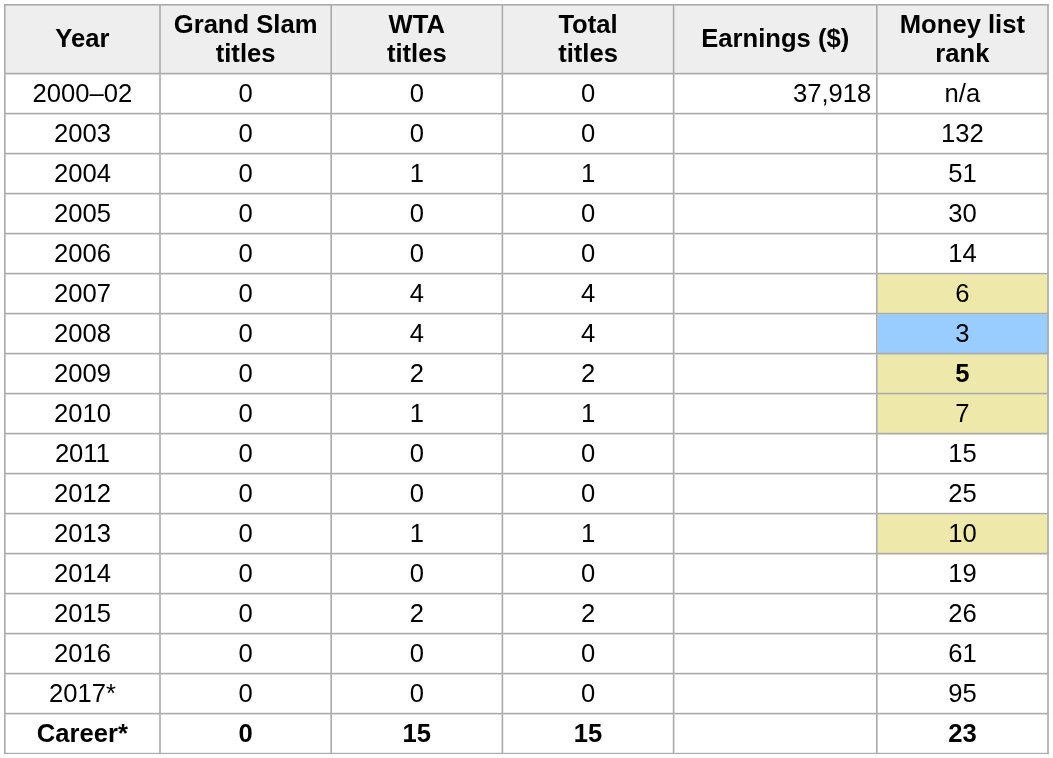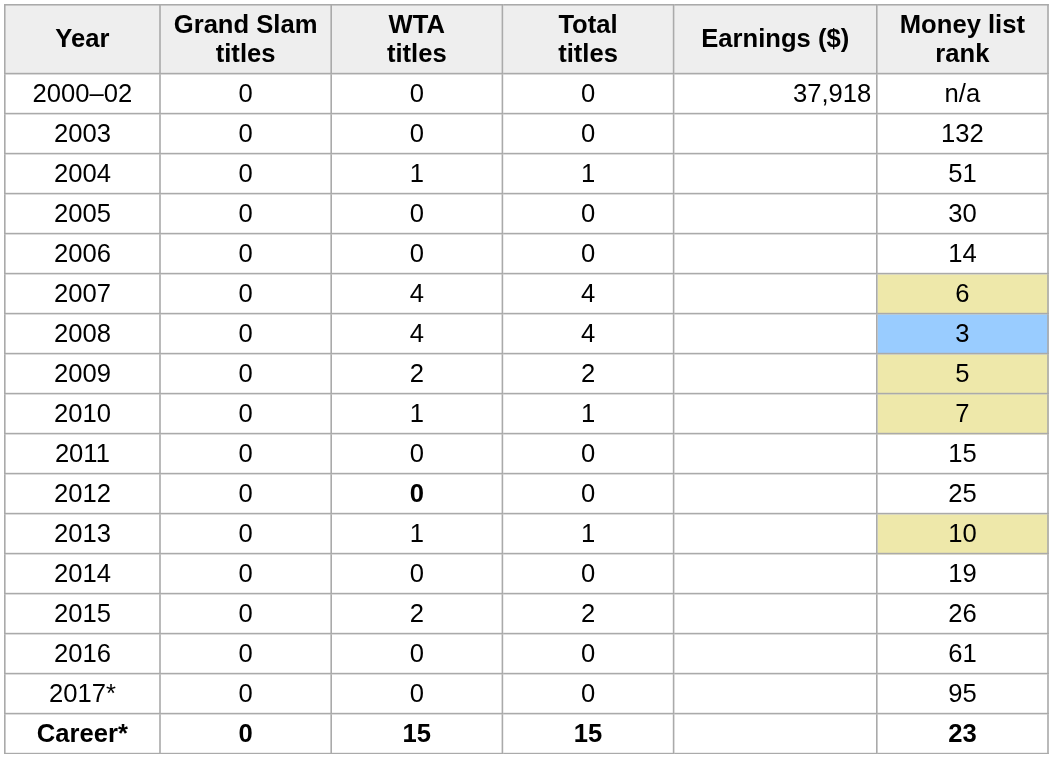 <table cellpadding=3 cellspacing=0 border=1 style=border:#aaa;solid:1px;border-collapse:collapse;text-align:center;>
 <tr style=background:#eee;font-weight:bold>
 <td width="90">Year</td>
 <td width="100">Grand Slam <br>titles</td>
 <td width="100">WTA <br>titles</td>
 <td width="100">Total <br>titles</td>
 <td width="120">Earnings ($)</td>
 <td width="100">Money list rank</td>
 </tr>
 <tr>
 <td>2000–02</td>
 <td>0</td>
 <td>0</td>
 <td>0</td>
 <td align=right>37,918</td>
 <td>n/a</td>
 </tr>
 <tr>
 <td>2003</td>
 <td>0</td>
 <td>0</td>
 <td>0</td>
 <td align=right></td>
 <td>132</td>
 </tr>
 <tr>
 <td>2004</td>
 <td>0</td>
 <td>1</td>
 <td>1</td>
 <td align=right></td>
 <td>51</td>
 </tr>
 <tr>
 <td>2005</td>
 <td>0</td>
 <td>0</td>
 <td>0</td>
 <td align=right></td>
 <td>30</td>
 </tr>
 <tr>
 <td>2006</td>
 <td>0</td>
 <td>0</td>
 <td>0</td>
 <td align=right></td>
 <td>14</td>
 </tr>
 <tr>
 <td>2007</td>
 <td>0</td>
 <td>4</td>
 <td>4</td>
 <td align=right></td>
 <td bgcolor=#eee8aa>6</td>
 </tr>
 <tr>
 <td>2008</td>
 <td>0</td>
 <td>4</td>
 <td>4</td>
 <td align=right></td>
 <td bgcolor=#99ccff>3</td>
 </tr>
 <tr>
 <td>2009</td>
 <td>0</td>
 <td>2</td>
 <td>2</td>
 <td align=right></td>
-<td bgcolor=#eee8aa><strong>5</strong></td>
+<td bgcolor=#eee8aa>5</td>
 </tr>
 <tr>
 <td>2010</td>
 <td>0</td>
 <td>1</td>
 <td>1</td>
 <td align=right></td>
 <td bgcolor=#eee8aa>7</td>
 </tr>
 <tr>
 <td>2011</td>
 <td>0</td>
 <td>0</td>
 <td>0</td>
 <td align=right></td>
 <td>15</td>
 </tr>
 <tr>
 <td>2012</td>
 <td>0</td>
-<td>0</td>
+<td><strong>0</strong></td>
 <td>0</td>
 <td align=right></td>
 <td>25</td>
 </tr>
 <tr>
 <td>2013</td>
 <td>0</td>
 <td>1</td>
 <td>1</td>
 <td align=right></td>
 <td bgcolor=#eee8aa>10</td>
 </tr>
 <tr>
 <td>2014</td>
 <td>0</td>
 <td>0</td>
 <td>0</td>
 <td align=right></td>
 <td>19</td>
 </tr>
 <tr>
 <td>2015</td>
 <td>0</td>
 <td>2</td>
 <td>2</td>
 <td align=right></td>
 <td>26</td>
 </tr>
 <tr>
 <td>2016</td>
 <td>0</td>
 <td>0</td>
 <td>0</td>
 <td align=right></td>
 <td>61</td>
 </tr>
 <tr>
 <td>2017*</td>
 <td>0</td>
 <td>0</td>
 <td>0</td>
 <td align=right></td>
 <td>95</td>
 </tr>
 <tr>
 <th>Career*</th>
 <th>0</th>
 <th>15</th>
 <th>15</th>
 <th align=right></th>
 <th>23</th>
 </tr>
 </table>
